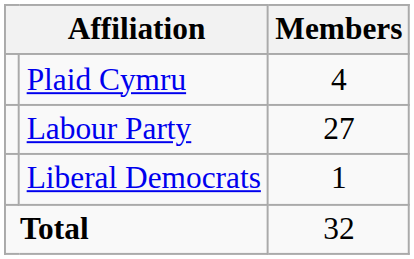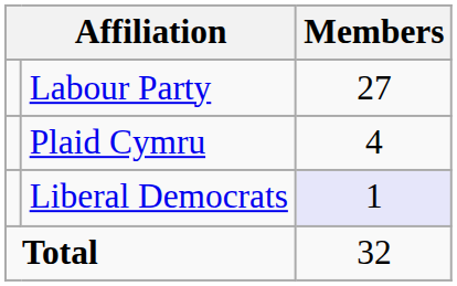 <table class="wikitable">
 <tr>
 <th colspan="2">Affiliation</th>
 <th>Members</th>
+</tr>
+<tr>
+<td style="color:inherit;background:"></td>
+<td><a href='#'>Labour Party</a></td>
+<td style="text-align:center;">27</td>
 </tr>
 <tr>
 <td style="color:inherit;background:"></td>
 <td><a href='#'>Plaid Cymru</a></td>
 <td style="text-align:center;">4</td>
 </tr>
 <tr>
 <td style="color:inherit;background:"></td>
-<td><a href='#'>Labour Party</a></td>
-<td style="text-align:center;">27</td>
-</tr>
-<tr>
-<td style="color:inherit;background:"></td>
 <td><a href='#'>Liberal Democrats</a></td>
-<td style="text-align:center;">1</td>
+<td style="background: lavender; text-align:center;">1</td>
 </tr>
 <tr>
 <td colspan="2" rowspan="1"> <strong>Total</strong></td>
 <td align="center">32</td>
 </tr>
 </table>
